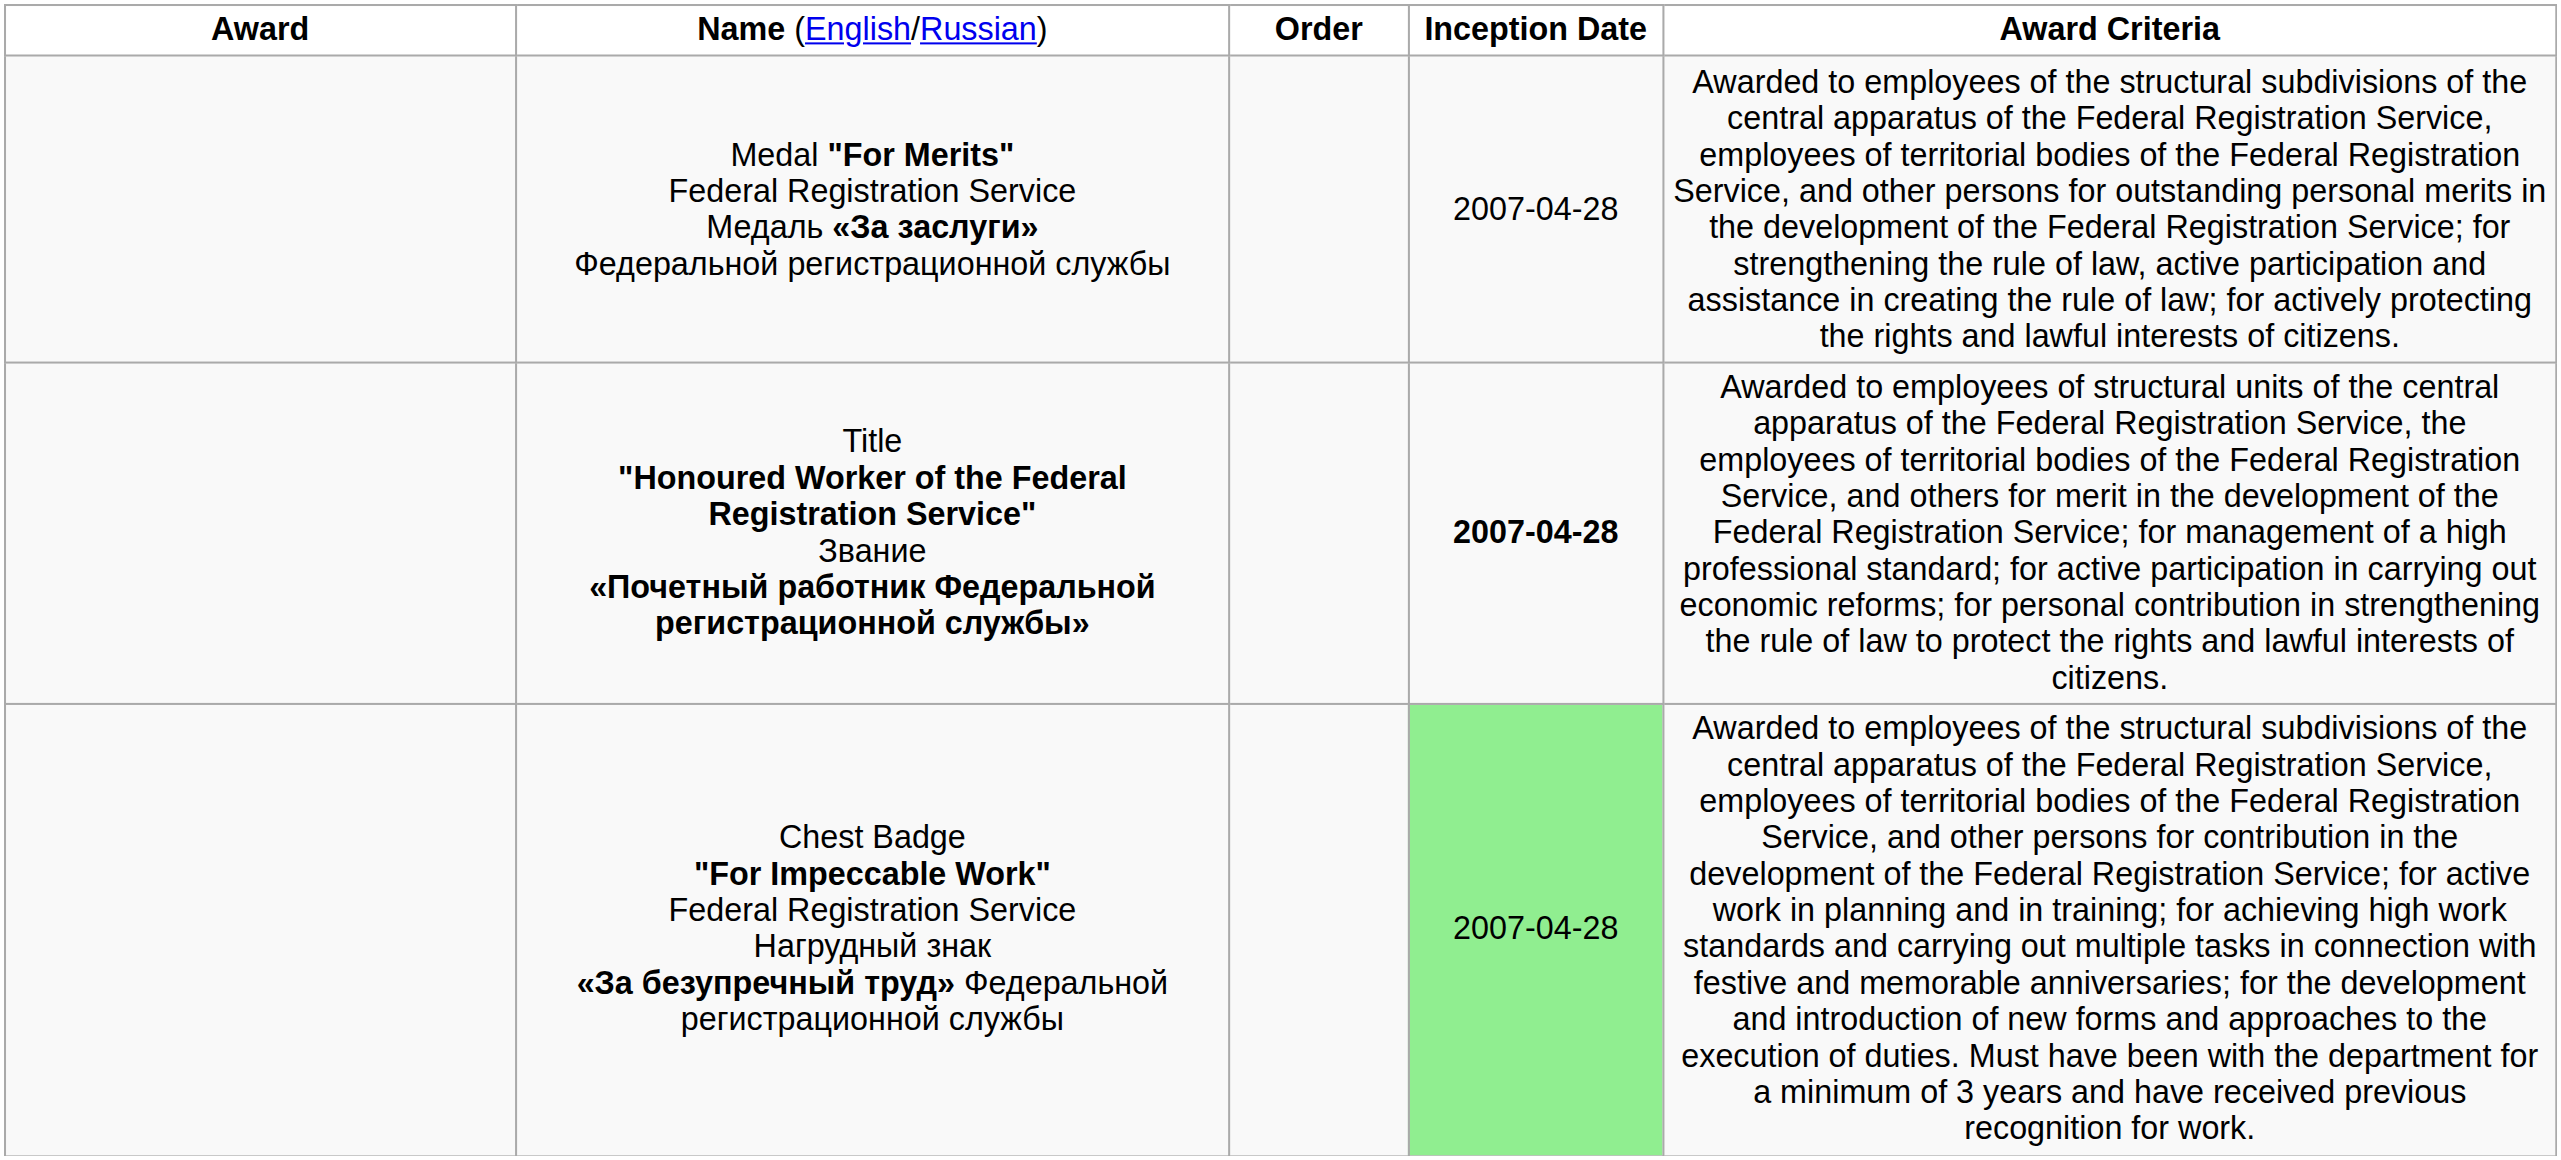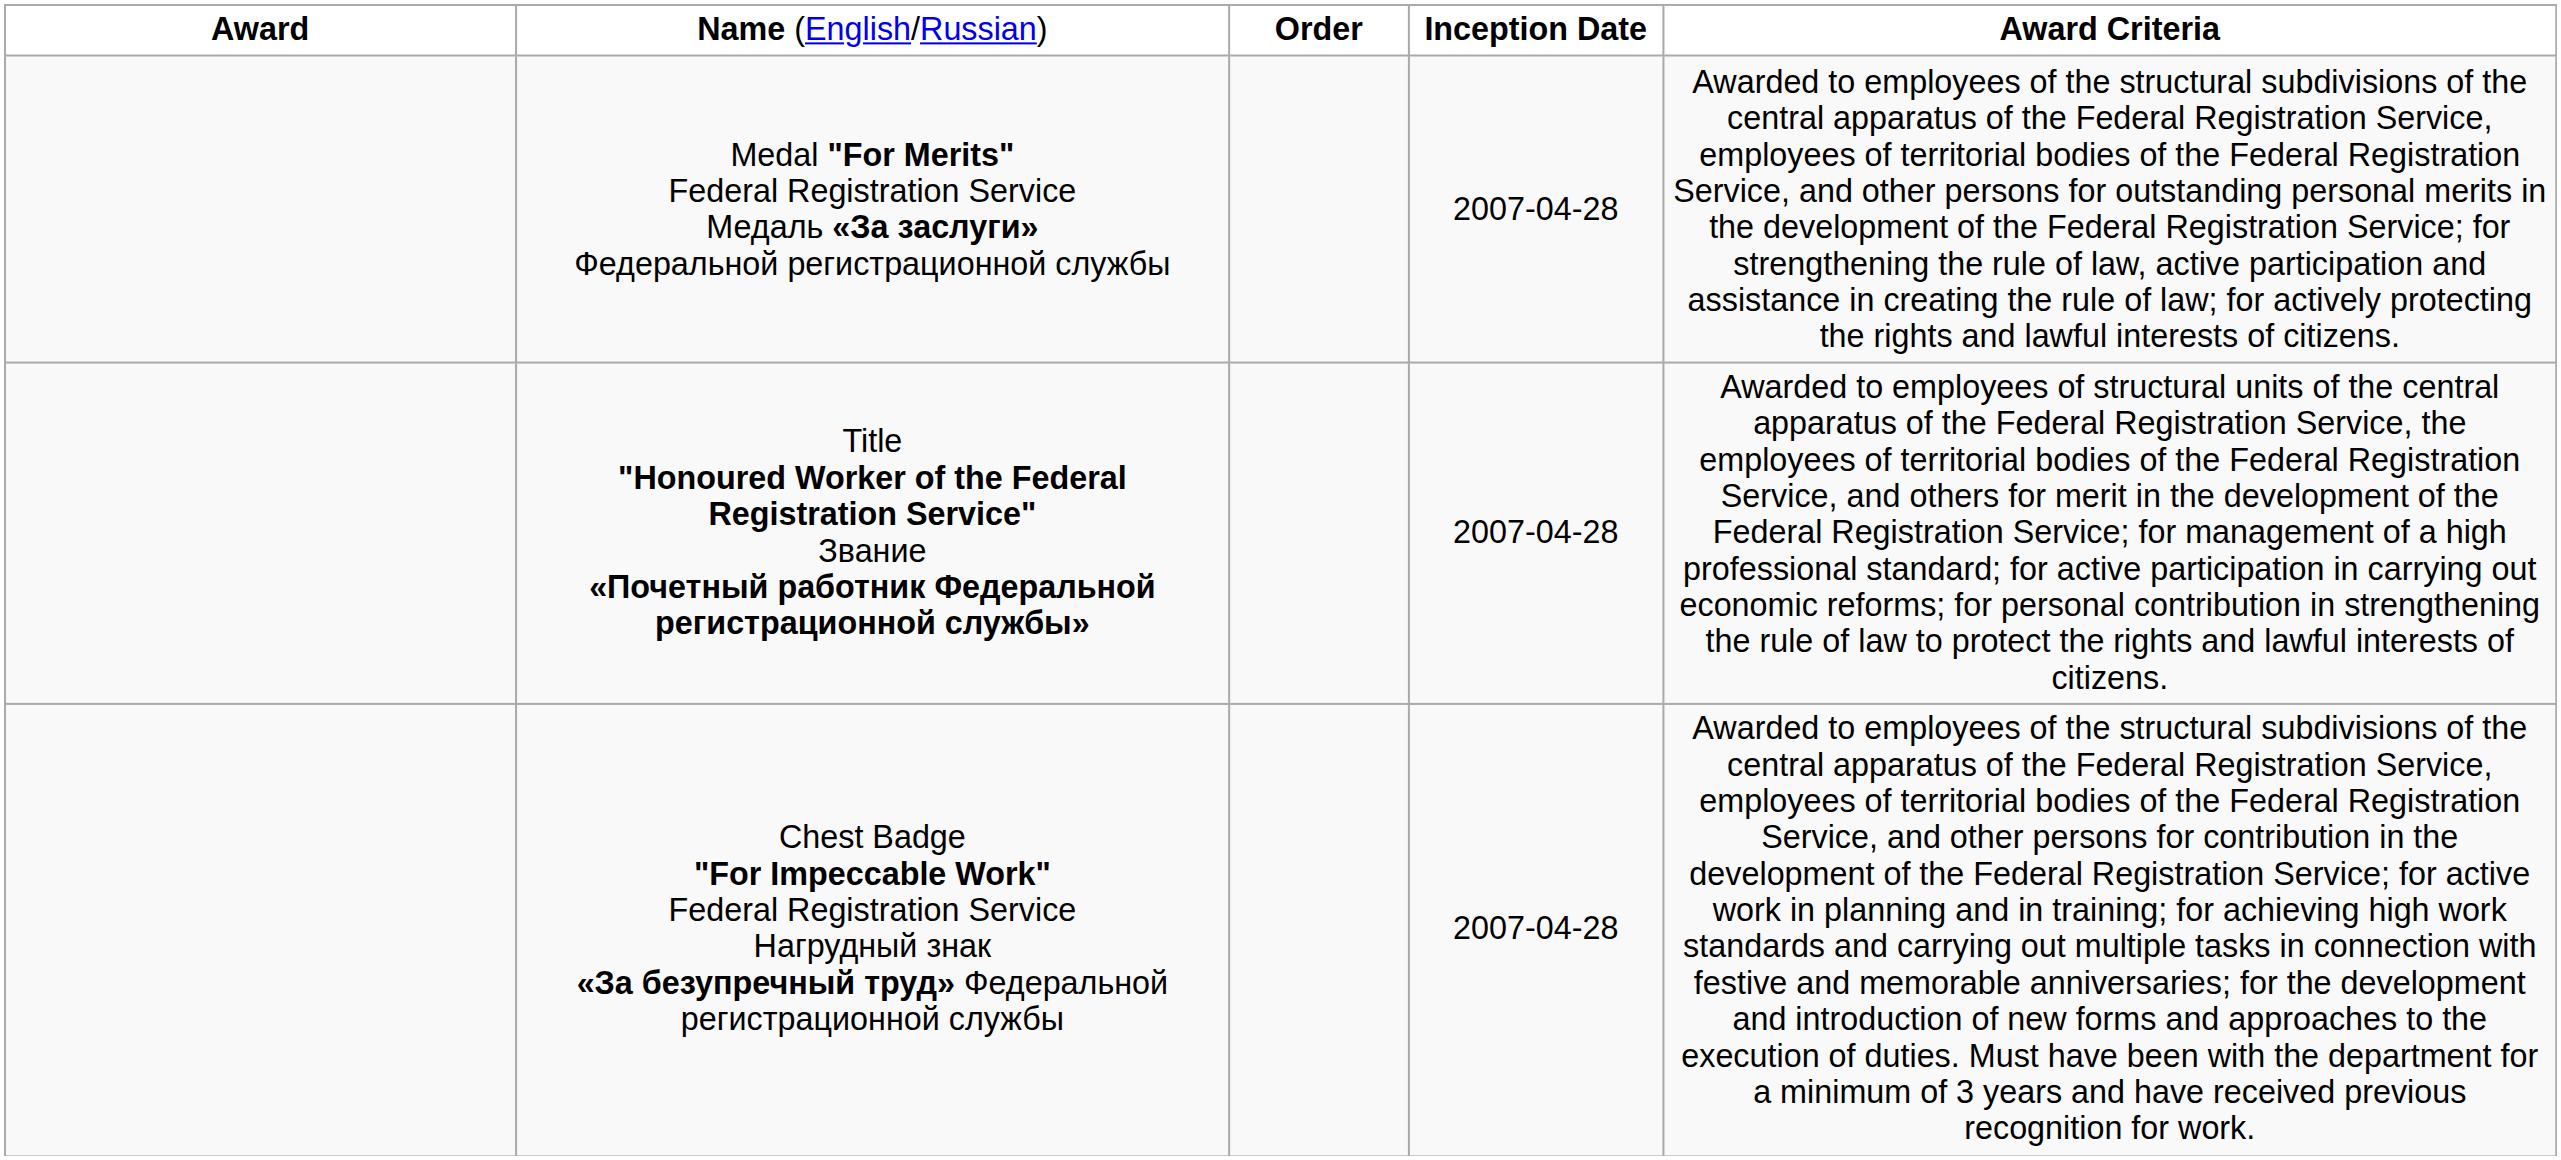 <table class="wikitable sortable" width="100%">
 <tr>
 <td width="20%" bgcolor="#FFFFFF" style="text-align:center;"><strong>Award</strong></td>
 <td width="28%" bgcolor="#FFFFFF" style="text-align:center;"><strong>Name</strong> (<a href='#'>English</a>/<a href='#'>Russian</a>)</td>
 <td width="07%" bgcolor="#FFFFFF" style="text-align:center;"><strong>Order</strong></td>
 <td width="10%" bgcolor="#FFFFFF" style="text-align:center;"><strong>Inception Date</strong></td>
 <td width="35%" bgcolor="#FFFFFF" style="text-align:center;"><strong>Award Criteria</strong></td>
 </tr>
 <tr>
 <td></td>
 <td style="text-align:center;">Medal <strong>"For Merits"</strong><br>Federal Registration Service<br> Медаль <strong>«За заслуги»</strong><br>Федеральной регистрационной службы</td>
 <td></td>
 <td style="text-align:center;">2007-04-28</td>
 <td style="text-align:center;">Awarded to employees of the structural subdivisions of the central apparatus of the Federal Registration Service, employees of territorial bodies of the Federal Registration Service, and other persons for outstanding personal merits in the development of the Federal Registration Service; for strengthening the rule of law, active participation and assistance in creating the rule of law; for actively protecting the rights and lawful interests of citizens.</td>
 </tr>
 <tr>
 <td></td>
 <td style="text-align:center;">Title<br><strong>"Honoured Worker of the Federal Registration Service"</strong><br>Звание<br><strong>«Почетный работник Федеральной регистрационной службы»</strong></td>
 <td></td>
-<td style="text-align:center;"><strong>2007-04-28</strong></td>
+<td style="text-align:center;">2007-04-28</td>
 <td style="text-align:center;">Awarded to employees of structural units of the central apparatus of the Federal Registration Service, the employees of territorial bodies of the Federal Registration Service, and others for merit in the development of the Federal Registration Service; for management of a high professional standard; for active participation in carrying out economic reforms; for personal contribution in strengthening the rule of law to protect the rights and lawful interests of citizens.</td>
 </tr>
 <tr>
 <td></td>
 <td style="text-align:center;">Chest Badge<br><strong>"For Impeccable Work"</strong><br>Federal Registration Service<br>Нагрудный знак<br><strong>«За безупречный труд»</strong> Федеральной регистрационной службы</td>
 <td></td>
-<td style="background: lightgreen; text-align:center;">2007-04-28</td>
+<td style="text-align:center;">2007-04-28</td>
 <td style="text-align:center;">Awarded to employees of the structural subdivisions of the central apparatus of the Federal Registration Service, employees of territorial bodies of the Federal Registration Service, and other persons for contribution in the development of the Federal Registration Service; for active work in planning and in training; for achieving high work standards and carrying out multiple tasks in connection with festive and memorable anniversaries; for the development and introduction of new forms and approaches to the execution of duties. Must have been with the department for a minimum of 3 years and have received previous recognition for work.</td>
 </tr>
 </table>
